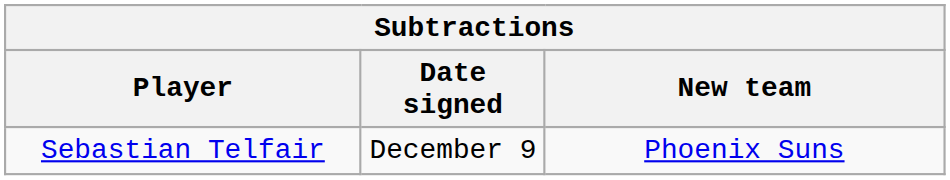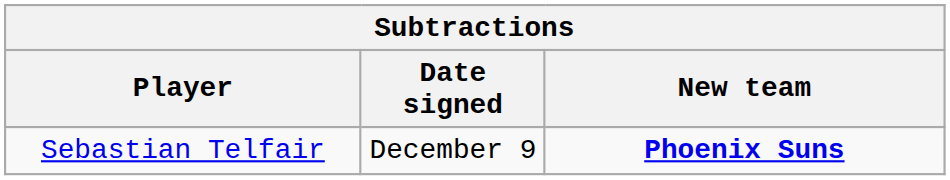 <table class="wikitable" style="text-align:center">
 <tr>
 <th colspan=3>Subtractions</th>
 </tr>
 <tr>
 <th style="width:160px">Player</th>
 <th style="width:80px">Date signed</th>
 <th style="width:180px">New team</th>
 </tr>
 <tr>
 <td><a href='#'>Sebastian Telfair</a></td>
 <td>December 9</td>
-<td><a href='#'>Phoenix Suns</a></td>
+<td><strong><a href='#'>Phoenix Suns</a></strong></td>
 </tr>
 </table>
